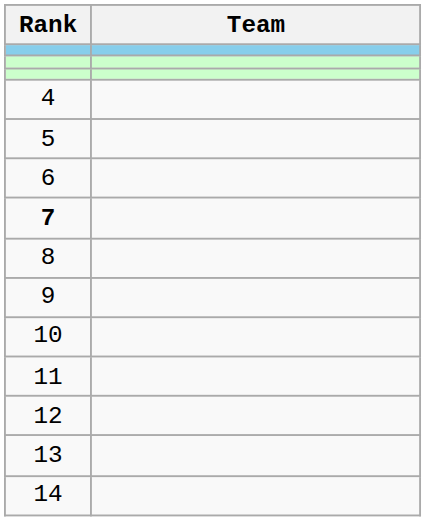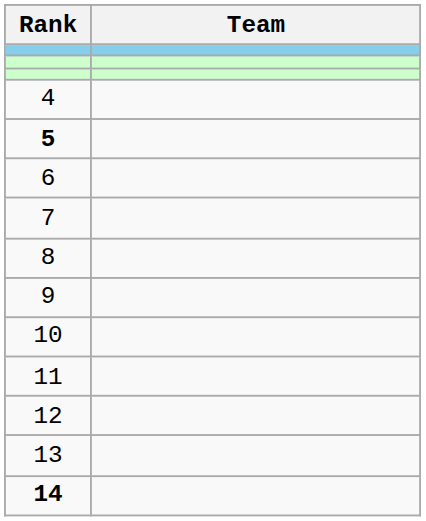 <table class="wikitable" style="text-align: center;">
 <tr>
 <th width=40>Rank</th>
 <th width=170>Team</th>
 </tr>
 <tr bgcolor=#87ceeb>
 <td></td>
 <td align="left"></td>
 </tr>
 <tr bgcolor=#ccffcc>
 <td></td>
 <td align="left"></td>
 </tr>
 <tr bgcolor=#ccffcc>
 <td></td>
 <td align="left"></td>
 </tr>
 <tr>
 <td>4</td>
 <td align="left"></td>
 </tr>
 <tr>
-<td>5</td>
+<td><strong>5</strong></td>
 <td align="left"></td>
 </tr>
 <tr>
 <td>6</td>
 <td align="left"></td>
 </tr>
 <tr>
-<td><strong>7</strong></td>
+<td>7</td>
 <td align="left"></td>
 </tr>
 <tr>
 <td>8</td>
 <td align="left"></td>
 </tr>
 <tr>
 <td>9</td>
 <td align="left"></td>
 </tr>
 <tr>
 <td>10</td>
 <td align="left"></td>
 </tr>
 <tr>
 <td>11</td>
 <td align="left"></td>
 </tr>
 <tr>
 <td>12</td>
 <td align="left"></td>
 </tr>
 <tr>
 <td>13</td>
 <td align="left"></td>
 </tr>
 <tr>
-<td>14</td>
+<td><strong>14</strong></td>
 <td align="left"></td>
 </tr>
 </table>
